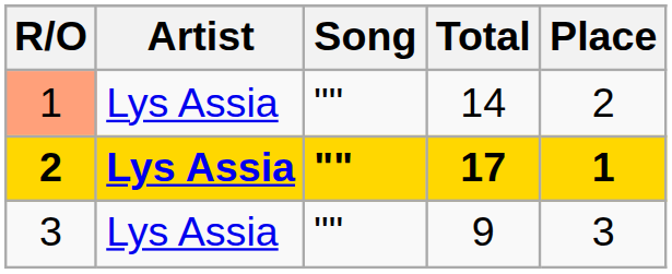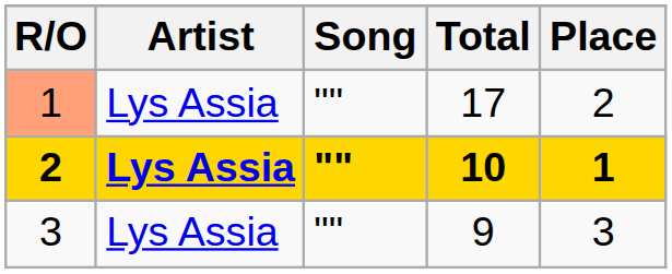 <table class="sortable wikitable" style="margin: 1em auto 1em auto; text-align:center;">
 <tr>
 </tr>
 <tr>
 <th>R/O</th>
 <th scope="col">Artist</th>
 <th scope="col">Song</th>
 <th scope="col">Total</th>
 <th scope="col">Place</th>
 </tr>
 <tr>
 <td style="background: lightsalmon;">1</td>
 <td align="left"><a href='#'>Lys Assia</a></td>
 <td align="left">""</td>
-<td>14</td>
+<td>17</td>
 <td>2</td>
 </tr>
 <tr style="font-weight:bold; background:gold;">
 <td>2</td>
 <td align="left"><a href='#'>Lys Assia</a></td>
 <td align="left">""</td>
-<td>17</td>
+<td>10</td>
 <td>1</td>
 </tr>
 <tr>
 <td>3</td>
 <td align="left"><a href='#'>Lys Assia</a></td>
 <td align="left">""</td>
 <td>9</td>
 <td>3</td>
 </tr>
 </table>
